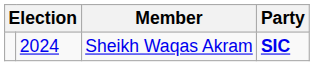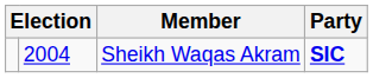 <table class="wikitable">
 <tr>
 <th colspan="2">Election</th>
 <th>Member</th>
 <th>Party</th>
 </tr>
 <tr>
 <td style="background-color: "></td>
-<td><a href='#'>2024</a></td>
+<td><a href='#'>2004</a></td>
 <td><a href='#'>Sheikh Waqas Akram</a></td>
 <td><strong><a href='#'>SIC</a></strong></td>
 </tr>
 </table>
